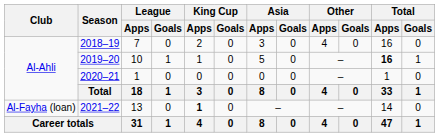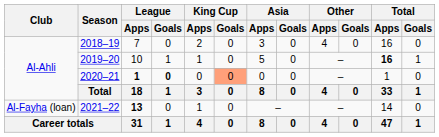 <table class="wikitable" style="text-align: center">
 <tr>
 <th rowspan=2>Club</th>
 <th rowspan=2>Season</th>
 <th colspan=2>League</th>
 <th colspan=2>King Cup</th>
 <th colspan=2>Asia</th>
 <th colspan=2>Other</th>
 <th colspan=2>Total</th>
 </tr>
 <tr>
 <th>Apps</th>
 <th>Goals</th>
 <th>Apps</th>
 <th>Goals</th>
 <th>Apps</th>
 <th>Goals</th>
 <th>Apps</th>
 <th>Goals</th>
 <th>Apps</th>
 <th>Goals</th>
 </tr>
 <tr>
 <td rowspan=4><a href='#'>Al-Ahli</a></td>
 <td><a href='#'>2018–19</a></td>
 <td>7</td>
 <td>0</td>
 <td>2</td>
 <td>0</td>
 <td>3</td>
 <td>0</td>
 <td>4</td>
 <td>0</td>
 <td>16</td>
 <td>0</td>
 </tr>
 <tr>
 <td><a href='#'>2019–20</a></td>
 <td>10</td>
 <td>1</td>
 <td>1</td>
 <td>0</td>
 <td>5</td>
 <td>0</td>
 <td colspan=2>–</td>
 <td><strong>16</strong></td>
 <td>1</td>
 </tr>
 <tr>
 <td><a href='#'>2020–21</a></td>
-<td>1</td>
+<td><strong>1</strong></td>
+<td><strong>0</strong></td>
 <td>0</td>
-<td>0</td>
-<td>0</td>
+<td style="background: lightsalmon;">0</td>
 <td>0</td>
 <td>0</td>
 <td colspan=2>–</td>
 <td>1</td>
 <td>0</td>
 </tr>
 <tr>
 <th>Total</th>
 <th>18</th>
 <th>1</th>
 <th>3</th>
 <th>0</th>
 <th>8</th>
 <th>0</th>
 <th>4</th>
 <th>0</th>
 <th>33</th>
 <th>1</th>
 </tr>
 <tr>
 <td rowspan=1><a href='#'>Al-Fayha</a> (loan)</td>
 <td><a href='#'>2021–22</a></td>
-<td>13</td>
+<td><strong>13</strong></td>
 <td>0</td>
-<td><strong>1</strong></td>
+<td>1</td>
 <td>0</td>
 <td colspan=2>–</td>
 <td colspan=2>–</td>
 <td>14</td>
 <td>0</td>
 </tr>
 <tr>
 <th colspan=2>Career totals</th>
 <th>31</th>
 <th>1</th>
 <th>4</th>
 <th>0</th>
 <th>8</th>
 <th>0</th>
 <th>4</th>
 <th>0</th>
 <th>47</th>
 <th>1</th>
 </tr>
 </table>
